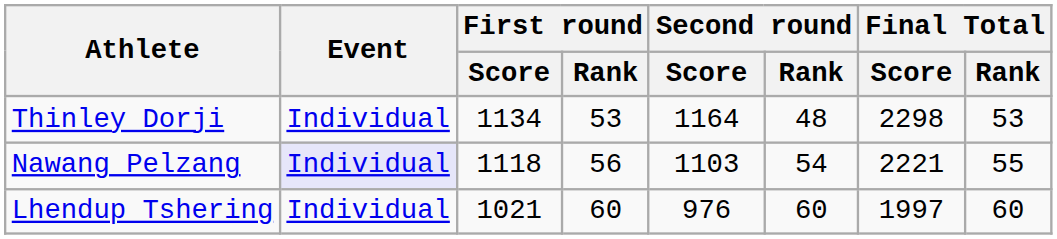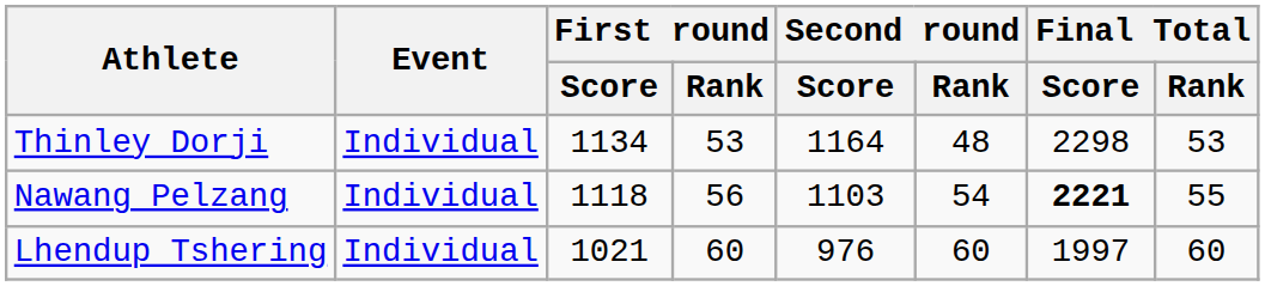 <table class="wikitable" style="font-size:90%">
 <tr>
 <th rowspan="2">Athlete</th>
 <th rowspan="2">Event</th>
 <th colspan="2">First round</th>
 <th colspan="2">Second round</th>
 <th colspan="2">Final Total</th>
 </tr>
 <tr>
 <th>Score</th>
 <th>Rank</th>
 <th>Score</th>
 <th>Rank</th>
 <th>Score</th>
 <th>Rank</th>
 </tr>
 <tr>
 <td><a href='#'>Thinley Dorji</a></td>
 <td><a href='#'>Individual</a></td>
 <td align=center>1134</td>
 <td align=center>53</td>
 <td align=center>1164</td>
 <td align=center>48</td>
 <td align=center>2298</td>
 <td align=center>53</td>
 </tr>
 <tr>
 <td><a href='#'>Nawang Pelzang</a></td>
-<td style="background: lavender;"><a href='#'>Individual</a></td>
+<td><a href='#'>Individual</a></td>
 <td align=center>1118</td>
 <td align=center>56</td>
 <td align=center>1103</td>
 <td align=center>54</td>
-<td align=center>2221</td>
+<td align=center><strong>2221</strong></td>
 <td align=center>55</td>
 </tr>
 <tr>
 <td><a href='#'>Lhendup Tshering</a></td>
 <td><a href='#'>Individual</a></td>
 <td align=center>1021</td>
 <td align=center>60</td>
 <td align=center>976</td>
 <td align=center>60</td>
 <td align=center>1997</td>
 <td align=center>60</td>
 </tr>
 </table>
